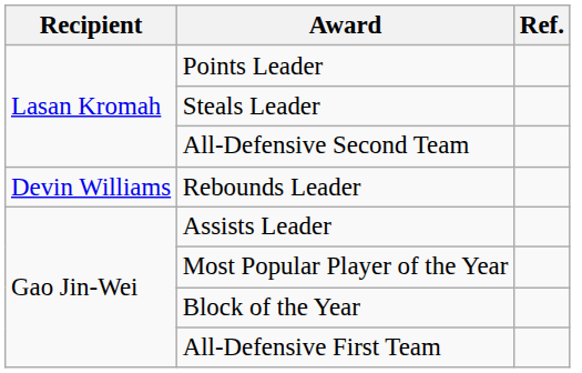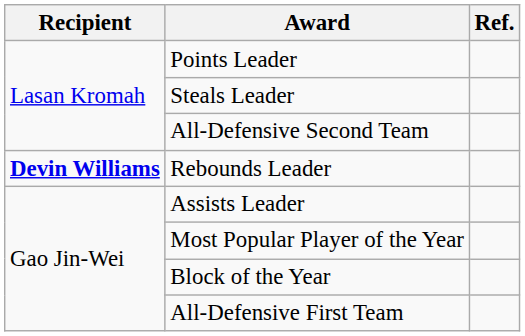 <table class="wikitable">
 <tr>
 <th>Recipient</th>
 <th>Award</th>
 <th>Ref.</th>
 </tr>
 <tr>
 <td rowspan=3><a href='#'>Lasan Kromah</a></td>
 <td>Points Leader</td>
 <td></td>
 </tr>
 <tr>
 <td>Steals Leader</td>
 <td></td>
 </tr>
 <tr>
 <td>All-Defensive Second Team</td>
 <td></td>
 </tr>
 <tr>
-<td><a href='#'>Devin Williams</a></td>
+<td><strong><a href='#'>Devin Williams</a></strong></td>
 <td>Rebounds Leader</td>
 <td></td>
 </tr>
 <tr>
 <td rowspan=4>Gao Jin-Wei</td>
 <td>Assists Leader</td>
 <td></td>
 </tr>
 <tr>
 <td>Most Popular Player of the Year</td>
 <td></td>
 </tr>
 <tr>
 <td>Block of the Year</td>
 <td></td>
 </tr>
 <tr>
 <td>All-Defensive First Team</td>
 <td></td>
 </tr>
 </table>
